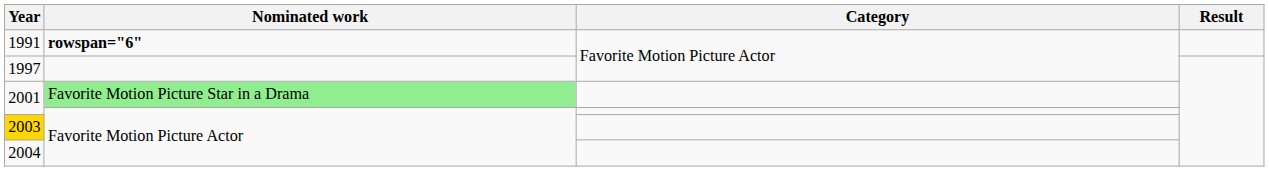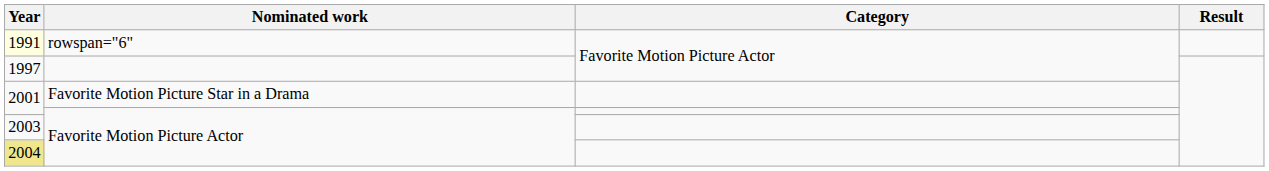 <table class="wikitable">
 <tr>
 <th scope="col" style="width:1em;">Year</th>
 <th scope="col" style="width:35em;">Nominated work</th>
 <th scope="col" style="width:40em;">Category</th>
 <th scope="col" style="width:5em;">Result</th>
 </tr>
 <tr>
-<td>1991</td>
-<td><strong>rowspan="6" </strong></td>
+<td style="background: lightyellow;">1991</td>
+<td>rowspan="6" </td>
 <td rowspan="2">Favorite Motion Picture Actor</td>
 <td></td>
 </tr>
 <tr>
 <td>1997</td>
 <td></td>
 </tr>
 <tr>
 <td rowspan="2">2001</td>
-<td style="background: lightgreen;">Favorite Motion Picture Star in a Drama</td>
+<td>Favorite Motion Picture Star in a Drama</td>
 <td></td>
 </tr>
 <tr>
 <td rowspan="3">Favorite Motion Picture Actor</td>
 <td></td>
 </tr>
 <tr>
-<td style="background: gold;">2003</td>
+<td>2003</td>
 <td></td>
 </tr>
 <tr>
-<td>2004</td>
+<td style="background: khaki;">2004</td>
 <td></td>
 </tr>
 </table>
